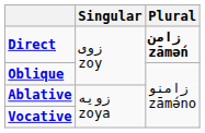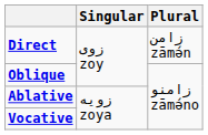 <table class="wikitable">
 <tr>
 <th></th>
 <th>Singular</th>
 <th>Plural</th>
 </tr>
 <tr>
 <td><strong><a href='#'>Direct</a></strong></td>
 <td rowspan="2">زوی<br>zoy</td>
-<td><strong>زامن<br>zāmə́n</strong></td>
+<td>زامن<br>zāmə́n</td>
 </tr>
 <tr>
 <td><strong><a href='#'>Oblique</a></strong></td>
 <td rowspan="3">زامنو<br>zāmə́no</td>
 </tr>
 <tr>
 <td><strong><a href='#'>Ablative</a></strong></td>
 <td rowspan="2">زویه<br>zoya</td>
 </tr>
 <tr>
 <td><strong><a href='#'>Vocative</a></strong></td>
 </tr>
 </table>
